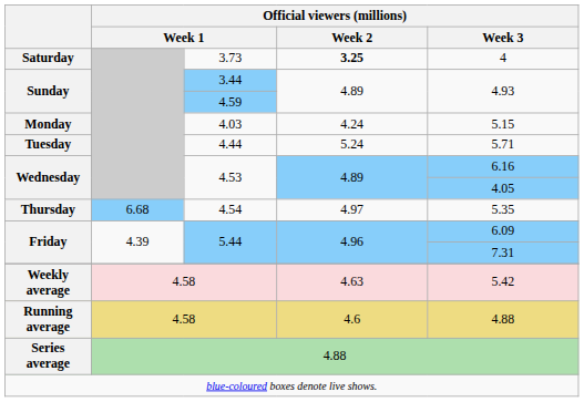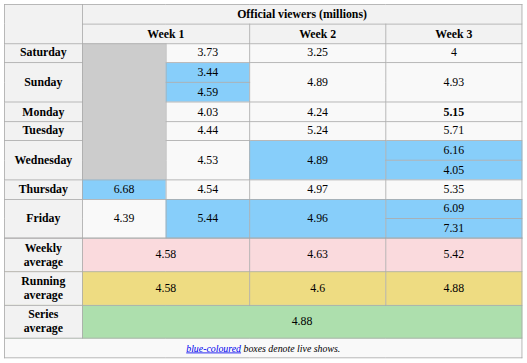 <table class="wikitable" style="font-size:90%; text-align:center; width: 50%; margin-left: auto; margin-right: auto;">
 <tr>
 <th scope="col" rowspan="2" style="width:15%;"></th>
 <th scope=col colspan=4>Official viewers (millions)</th>
 </tr>
 <tr>
 <th colspan=2>Week 1</th>
 <th>Week 2</th>
 <th>Week 3</th>
 </tr>
 <tr>
 <th>Saturday</th>
 <td style="background:#ccc;" rowspan="7"></td>
 <td>3.73</td>
-<td><strong>3.25</strong></td>
+<td>3.25</td>
 <td>4</td>
 </tr>
 <tr>
 <th rowspan=2>Sunday</th>
 <td style="background:#87CEFA;">3.44</td>
 <td rowspan=2>4.89</td>
 <td rowspan=2>4.93</td>
 </tr>
 <tr>
 <td style="background:#87CEFA;">4.59</td>
 </tr>
 <tr>
 <th>Monday</th>
 <td>4.03</td>
 <td>4.24</td>
-<td>5.15</td>
+<td><strong>5.15</strong></td>
 </tr>
 <tr>
 <th>Tuesday</th>
 <td>4.44</td>
 <td>5.24</td>
 <td>5.71</td>
 </tr>
 <tr>
 <th rowspan=2>Wednesday</th>
 <td rowspan=2>4.53</td>
 <td rowspan=2 style="background:#87CEFA;">4.89</td>
 <td style="background:#87CEFA;">6.16</td>
 </tr>
 <tr>
 <td style="background:#87CEFA;">4.05</td>
 </tr>
 <tr>
 <th>Thursday</th>
 <td style="background:#87CEFA;">6.68</td>
 <td>4.54</td>
 <td>4.97</td>
 <td>5.35</td>
 </tr>
 <tr>
 <th rowspan=2>Friday</th>
 <td rowspan=2>4.39</td>
 <td rowspan=2 style="background:#87CEFA;">5.44</td>
 <td rowspan=2 style="background:#87CEFA;">4.96</td>
 <td style="background:#87CEFA;">6.09</td>
 </tr>
 <tr>
 <td style="background:#87CEFA;">7.31</td>
 </tr>
 <tr>
 </tr>
 <tr style="background:#FADADD;" |>
 <th>Weekly average</th>
 <td colspan=2>4.58</td>
 <td>4.63</td>
 <td colspan="2">5.42</td>
 </tr>
 <tr style="background:#EEDC82;" |>
 <th>Running average</th>
 <td colspan=2>4.58</td>
 <td>4.6</td>
 <td colspan="2">4.88</td>
 </tr>
 <tr style="background:#ADDFAD;" |>
 <th>Series average</th>
 <td colspan="5">4.88</td>
 </tr>
 <tr>
 <td colspan=5><small><em><a href='#'>blue-coloured</a> boxes denote live shows.</em></small></td>
 </tr>
 </table>
